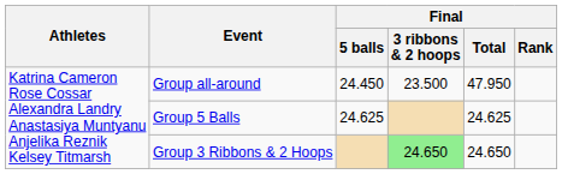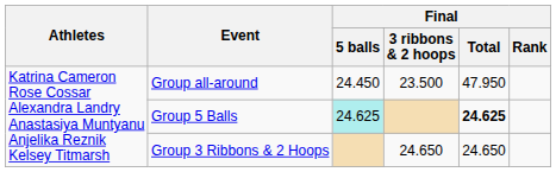 <table class="wikitable" style="font-size:90%">
 <tr>
 <th rowspan="2">Athletes</th>
 <th rowspan="2">Event</th>
 <th colspan="4">Final</th>
 </tr>
 <tr>
 <th>5 balls</th>
 <th>3 ribbons<br>& 2 hoops</th>
 <th>Total</th>
 <th>Rank</th>
 </tr>
 <tr>
 <td rowspan=3><a href='#'>Katrina Cameron</a><br><a href='#'>Rose Cossar</a><br><a href='#'>Alexandra Landry</a><br><a href='#'>Anastasiya Muntyanu</a><br><a href='#'>Anjelika Reznik</a><br><a href='#'>Kelsey Titmarsh</a></td>
 <td><a href='#'>Group all-around</a></td>
 <td align=center>24.450</td>
 <td align=center>23.500</td>
 <td align=center>47.950</td>
 <td align=center></td>
 </tr>
 <tr>
 <td><a href='#'>Group 5 Balls</a></td>
-<td align=center>24.625</td>
+<td align=center style="background: paleturquoise;">24.625</td>
 <td bgcolor=wheat></td>
-<td align=center>24.625</td>
+<td align=center><strong>24.625</strong></td>
 <td align=center></td>
 </tr>
 <tr>
 <td><a href='#'>Group 3 Ribbons & 2 Hoops</a></td>
 <td bgcolor=wheat></td>
-<td align=center style="background: lightgreen;">24.650</td>
+<td align=center>24.650</td>
 <td align=center>24.650</td>
 <td align=center></td>
 </tr>
 </table>
